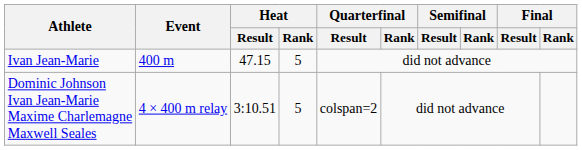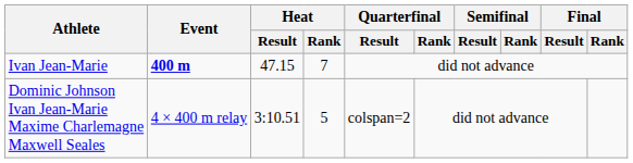 <table class="wikitable" style="font-size:90%">
 <tr>
 <th rowspan="2">Athlete</th>
 <th rowspan="2">Event</th>
 <th colspan="2">Heat</th>
 <th colspan="2">Quarterfinal</th>
 <th colspan="2">Semifinal</th>
 <th colspan="2">Final</th>
 </tr>
 <tr style="font-size:95%">
 <th>Result</th>
 <th>Rank</th>
 <th>Result</th>
 <th>Rank</th>
 <th>Result</th>
 <th>Rank</th>
 <th>Result</th>
 <th>Rank</th>
 </tr>
 <tr align=center>
 <td align=left><a href='#'>Ivan Jean-Marie</a></td>
-<td align=left><a href='#'>400 m</a></td>
+<td align=left><strong><a href='#'>400 m</a></strong></td>
 <td>47.15</td>
-<td>5</td>
+<td>7</td>
 <td colspan=6>did not advance</td>
 </tr>
 <tr align=center>
 <td align=left><a href='#'>Dominic Johnson</a><br><a href='#'>Ivan Jean-Marie</a><br><a href='#'>Maxime Charlemagne</a><br><a href='#'>Maxwell Seales</a></td>
 <td align=left><a href='#'>4 × 400 m relay</a></td>
 <td>3:10.51</td>
 <td>5</td>
 <td>colspan=2 </td>
 <td colspan=4>did not advance</td>
 </tr>
 </table>
